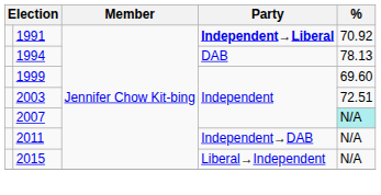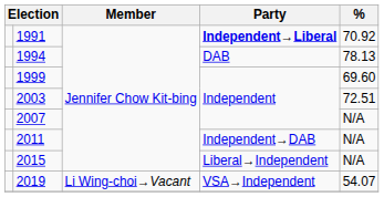 <table class="wikitable">
 <tr>
 <th colspan="2">Election</th>
 <th>Member</th>
 <th>Party</th>
 <th>%</th>
 </tr>
 <tr>
 <td style="background-color: "></td>
 <td><a href='#'>1991</a></td>
 <td rowspan=7><a href='#'>Jennifer Chow Kit-bing</a></td>
 <td><strong><a href='#'>Independent</a>→<a href='#'>Liberal</a></strong></td>
 <td>70.92</td>
 </tr>
 <tr>
 <td style="background-color: "></td>
 <td><a href='#'>1994</a></td>
 <td><a href='#'>DAB</a></td>
 <td>78.13</td>
 </tr>
 <tr>
 <td style="background-color: "></td>
 <td><a href='#'>1999</a></td>
 <td rowspan=3><a href='#'>Independent</a></td>
 <td>69.60</td>
 </tr>
 <tr>
 <td style="background-color: "></td>
 <td><a href='#'>2003</a></td>
 <td>72.51</td>
 </tr>
 <tr>
 <td style="background-color: "></td>
 <td><a href='#'>2007</a></td>
-<td style="background: paleturquoise;">N/A</td>
+<td>N/A</td>
 </tr>
 <tr>
 <td style="background-color: "></td>
 <td><a href='#'>2011</a></td>
 <td><a href='#'>Independent</a>→<a href='#'>DAB</a></td>
 <td>N/A</td>
 </tr>
 <tr>
 <td style="background-color: "></td>
 <td><a href='#'>2015</a></td>
 <td><a href='#'>Liberal</a>→<a href='#'>Independent</a></td>
 <td>N/A</td>
 </tr>
 <tr>
+<td style="background-color: "></td>
+<td><a href='#'>2019</a></td>
+<td><a href='#'>Li Wing-choi</a>→<em>Vacant</em></td>
+<td><a href='#'>VSA</a>→<a href='#'>Independent</a></td>
+<td>54.07</td>
+</tr>
+<tr>
 </tr>
 </table>
